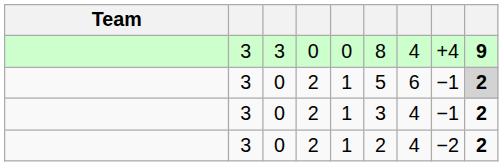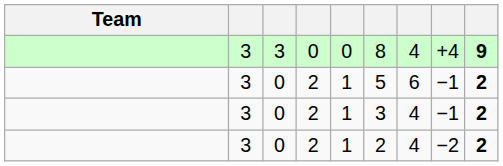 <table class="wikitable" style="text-align:center;">
 <tr>
 <th width=175>Team</th>
 <th width=20></th>
 <th width=20></th>
 <th width=20></th>
 <th width=20></th>
 <th width=20></th>
 <th width=20></th>
 <th width=20></th>
 <th width=20></th>
 </tr>
 <tr bgcolor=ccffcc>
 <td align="left"></td>
 <td>3</td>
 <td>3</td>
 <td>0</td>
 <td>0</td>
 <td>8</td>
 <td>4</td>
 <td>+4</td>
 <td><strong>9</strong></td>
 </tr>
 <tr>
 <td align="left"></td>
 <td>3</td>
 <td>0</td>
 <td>2</td>
 <td>1</td>
 <td>5</td>
 <td>6</td>
 <td>−1</td>
-<td style="background: lightgrey;"><strong>2</strong></td>
+<td><strong>2</strong></td>
 </tr>
 <tr>
 <td align="left"></td>
 <td>3</td>
 <td>0</td>
 <td>2</td>
 <td>1</td>
 <td>3</td>
 <td>4</td>
 <td>−1</td>
 <td><strong>2</strong></td>
 </tr>
 <tr>
 <td align="left"></td>
 <td>3</td>
 <td>0</td>
 <td>2</td>
 <td>1</td>
 <td>2</td>
 <td>4</td>
 <td>−2</td>
 <td><strong>2</strong></td>
 </tr>
 </table>
